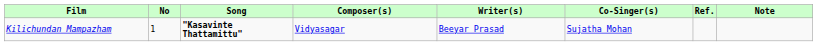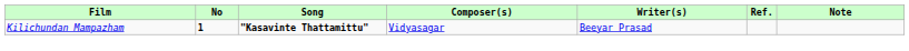 <table class="wikitable plainrowheaders" style="width:100%;" textcolor:#000;" style="align:center;">
 <tr style="background:#cfc; text-align:center;">
 <td scope="col" style="width:18%;"><strong>Film</strong></td>
 <td scope="col" style="width:4%;"><strong>No</strong></td>
 <td scope="col" style="width:14%;"><strong>Song</strong></td>
 <td scope="col" style="width:18%;"><strong>Composer(s)</strong></td>
 <td scope="col" style="width:16%;"><strong>Writer(s)</strong></td>
-<td scope="col" style="width:16%;"><strong>Co-Singer(s)</strong></td>
 <td scope="col" style="width:2%;"><strong>Ref.</strong></td>
 <td scope="col" style="width:12%;"><strong>Note</strong></td>
 </tr>
 <tr>
 <td><em><a href='#'>Kilichundan Mampazham</a></em></td>
-<td>1</td>
+<td><strong>1</strong></td>
 <td><strong>"Kasavinte Thattamittu"</strong></td>
 <td><a href='#'>Vidyasagar</a></td>
 <td><a href='#'>Beeyar Prasad</a></td>
-<td><a href='#'>Sujatha Mohan</a></td>
 <td></td>
 <td></td>
 </tr>
 </table>
